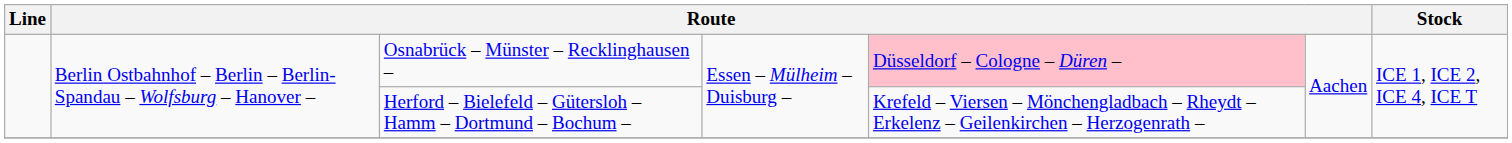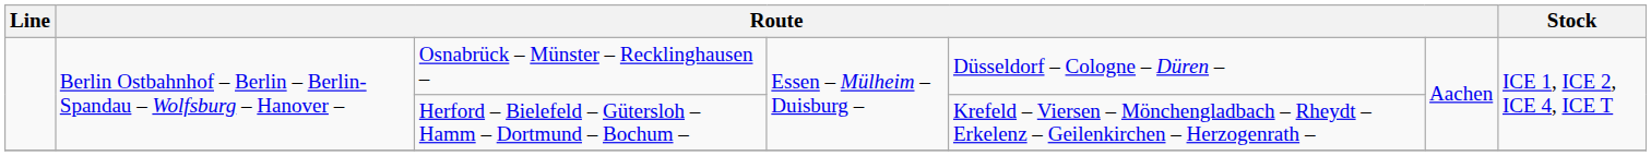 <table class="wikitable" width="100%">
 <tr>
 <th>Line</th>
 <th colspan=5>Route</th>
 <th>Stock</th>
 </tr>
 <tr>
 <td rowspan=2></td>
 <td rowspan=2><a href='#'>Berlin Ostbahnhof</a> – <a href='#'>Berlin</a> – <a href='#'>Berlin-Spandau</a> – <em><a href='#'>Wolfsburg</a></em> – <a href='#'>Hanover</a> –</td>
 <td><a href='#'>Osnabrück</a> – <a href='#'>Münster</a> – <a href='#'>Recklinghausen</a> –</td>
 <td rowspan=2><a href='#'>Essen</a> – <em><a href='#'>Mülheim</a></em> – <a href='#'>Duisburg</a> –</td>
-<td style="background: pink;"><a href='#'>Düsseldorf</a> – <a href='#'>Cologne</a> – <em><a href='#'>Düren</a></em> –</td>
+<td><a href='#'>Düsseldorf</a> – <a href='#'>Cologne</a> – <em><a href='#'>Düren</a></em> –</td>
 <td rowspan=2><a href='#'>Aachen</a></td>
 <td rowspan=2><a href='#'>ICE 1</a>, <a href='#'>ICE 2</a>, <a href='#'>ICE 4</a>, <a href='#'>ICE T</a></td>
 </tr>
 <tr>
 <td><a href='#'>Herford</a> – <a href='#'>Bielefeld</a> – <a href='#'>Gütersloh</a> – <a href='#'>Hamm</a> – <a href='#'>Dortmund</a> – <a href='#'>Bochum</a> –</td>
 <td><a href='#'>Krefeld</a> – <a href='#'>Viersen</a> – <a href='#'>Mönchengladbach</a> – <a href='#'>Rheydt</a> – <a href='#'>Erkelenz</a> – <a href='#'>Geilenkirchen</a> – <a href='#'>Herzogenrath</a> –</td>
 </tr>
 <tr>
 </tr>
 </table>
